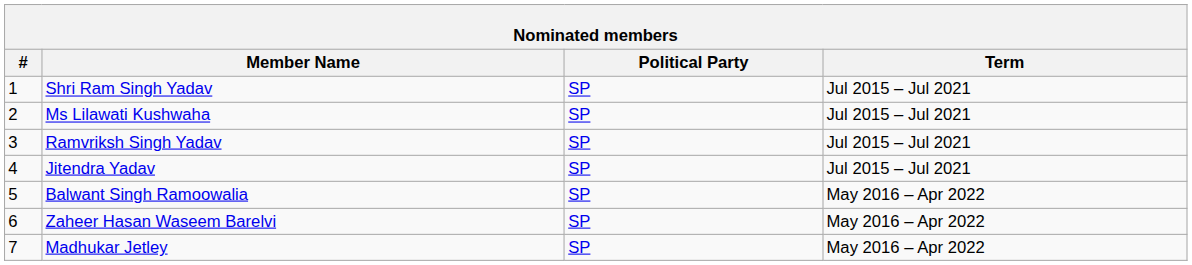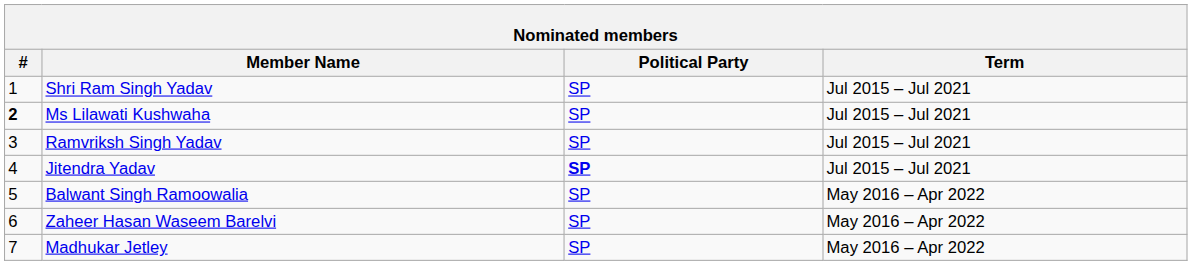 <table class="wikitable sortable mw-collapsible mw-collapsed" align="center" style="width: 90%;">
 <tr>
 <th colspan="4"><br><strong>Nominated members</strong></th>
 </tr>
 <tr>
 <th>#</th>
 <th>Member Name</th>
 <th>Political Party</th>
 <th>Term</th>
 </tr>
 <tr>
 <td>1</td>
 <td><a href='#'>Shri Ram Singh Yadav</a></td>
 <td><a href='#'>SP</a></td>
 <td>Jul 2015 – Jul 2021</td>
 </tr>
 <tr>
-<td>2</td>
+<td><strong>2</strong></td>
 <td><a href='#'>Ms Lilawati Kushwaha</a></td>
 <td><a href='#'>SP</a></td>
 <td>Jul 2015 – Jul 2021</td>
 </tr>
 <tr>
 <td>3</td>
 <td><a href='#'>Ramvriksh Singh Yadav</a></td>
 <td><a href='#'>SP</a></td>
 <td>Jul 2015 – Jul 2021</td>
 </tr>
 <tr>
 <td>4</td>
 <td><a href='#'>Jitendra Yadav</a></td>
-<td><a href='#'>SP</a></td>
+<td><strong><a href='#'>SP</a></strong></td>
 <td>Jul 2015 – Jul 2021</td>
 </tr>
 <tr>
 <td>5</td>
 <td><a href='#'>Balwant Singh Ramoowalia</a></td>
 <td><a href='#'>SP</a></td>
 <td>May 2016 – Apr 2022</td>
 </tr>
 <tr>
 <td>6</td>
 <td><a href='#'>Zaheer Hasan Waseem Barelvi</a></td>
 <td><a href='#'>SP</a></td>
 <td>May 2016 – Apr 2022</td>
 </tr>
 <tr>
 <td>7</td>
 <td><a href='#'>Madhukar Jetley</a></td>
 <td><a href='#'>SP</a></td>
 <td>May 2016 – Apr 2022</td>
 </tr>
 </table>
